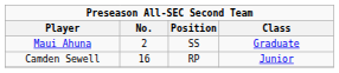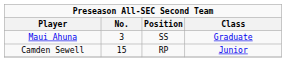 <table class="wikitable" style="text-align:center">
 <tr>
 <td colspan="5"><strong>Preseason All-SEC Second Team</strong></td>
 </tr>
 <tr>
 <th style="width:150px; ">Player</th>
 <th style="width:60px; ">No.</th>
 <th style="width:60px; ">Position</th>
 <th style="width:150px; ">Class</th>
 </tr>
 <tr>
 <td><a href='#'>Maui Ahuna</a></td>
-<td>2</td>
+<td>3</td>
 <td>SS</td>
 <td><a href='#'>Graduate</a></td>
 </tr>
 <tr>
 <td>Camden Sewell</td>
-<td>16</td>
+<td>15</td>
 <td>RP</td>
 <td><a href='#'>Junior</a></td>
 </tr>
 <tr>
 </tr>
 </table>
